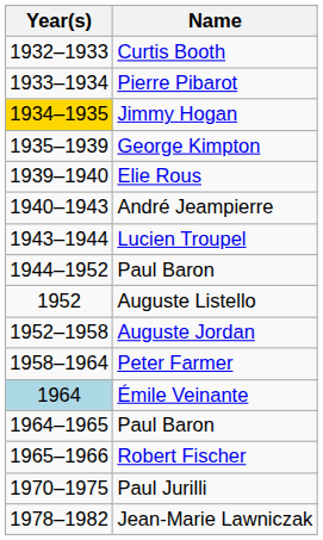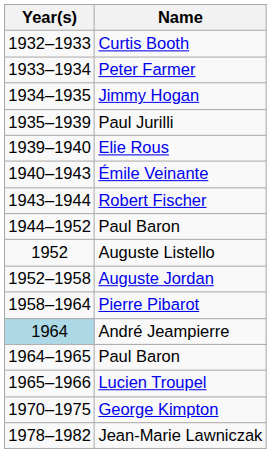 <table class="wikitable">
 <tr>
 <th>Year(s)</th>
 <th>Name</th>
 </tr>
 <tr>
 <td>1932–1933</td>
 <td><a href='#'>Curtis Booth</a></td>
 </tr>
 <tr>
 <td>1933–1934</td>
-<td><a href='#'>Pierre Pibarot</a></td>
+<td><a href='#'>Peter Farmer</a></td>
 </tr>
 <tr>
-<td style="background: gold;">1934–1935</td>
+<td>1934–1935</td>
 <td><a href='#'>Jimmy Hogan</a></td>
 </tr>
 <tr>
 <td>1935–1939</td>
-<td><a href='#'>George Kimpton</a></td>
+<td>Paul Jurilli</td>
 </tr>
 <tr>
 <td>1939–1940</td>
 <td><a href='#'>Elie Rous</a></td>
 </tr>
 <tr>
 <td>1940–1943</td>
-<td>André Jeampierre</td>
+<td><a href='#'>Émile Veinante</a></td>
 </tr>
 <tr>
 <td>1943–1944</td>
-<td><a href='#'>Lucien Troupel</a></td>
+<td><a href='#'>Robert Fischer</a></td>
 </tr>
 <tr>
 <td>1944–1952</td>
 <td>Paul Baron</td>
 </tr>
 <tr>
 <td style="text-align:center;">1952</td>
 <td>Auguste Listello</td>
 </tr>
 <tr>
 <td>1952–1958</td>
 <td><a href='#'>Auguste Jordan</a></td>
 </tr>
 <tr>
 <td>1958–1964</td>
-<td><a href='#'>Peter Farmer</a></td>
+<td><a href='#'>Pierre Pibarot</a></td>
 </tr>
 <tr>
 <td style="background: lightblue; text-align:center;">1964</td>
-<td><a href='#'>Émile Veinante</a></td>
+<td>André Jeampierre</td>
 </tr>
 <tr>
 <td>1964–1965</td>
 <td>Paul Baron</td>
 </tr>
 <tr>
 <td>1965–1966</td>
-<td><a href='#'>Robert Fischer</a></td>
+<td><a href='#'>Lucien Troupel</a></td>
 </tr>
 <tr>
 <td>1970–1975</td>
-<td>Paul Jurilli</td>
+<td><a href='#'>George Kimpton</a></td>
 </tr>
 <tr>
 <td>1978–1982</td>
 <td>Jean-Marie Lawniczak</td>
 </tr>
 </table>
